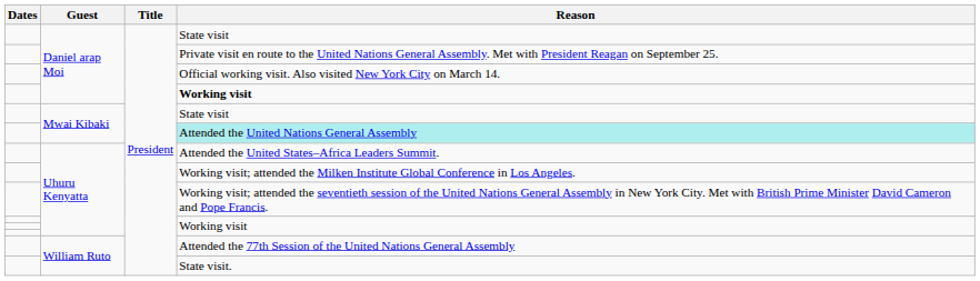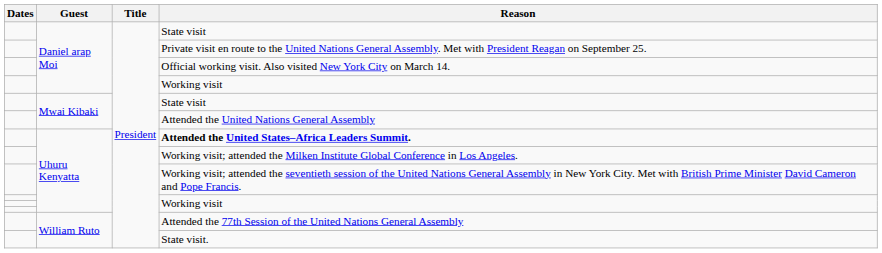 <table class="wikitable sortable">
 <tr>
 <th>Dates</th>
 <th>Guest</th>
 <th>Title</th>
 <th>Reason</th>
 </tr>
 <tr>
 <td></td>
 <td rowspan=4><a href='#'>Daniel arap Moi</a></td>
 <td rowspan=14><a href='#'>President</a></td>
 <td>State visit</td>
 </tr>
 <tr>
 <td></td>
 <td>Private visit en route to the <a href='#'>United Nations General Assembly</a>. Met with <a href='#'>President Reagan</a> on September 25.</td>
 </tr>
 <tr>
 <td></td>
 <td>Official working visit. Also visited <a href='#'>New York City</a> on March 14.</td>
 </tr>
 <tr>
 <td></td>
-<td><strong>Working visit</strong></td>
+<td>Working visit</td>
 </tr>
 <tr>
 <td></td>
 <td rowspan=2><a href='#'>Mwai Kibaki</a></td>
 <td>State visit</td>
 </tr>
 <tr>
 <td></td>
-<td style="background: paleturquoise;">Attended the <a href='#'>United Nations General Assembly</a></td>
+<td>Attended the <a href='#'>United Nations General Assembly</a></td>
 </tr>
 <tr>
 <td></td>
 <td rowspan=6><a href='#'>Uhuru Kenyatta</a></td>
-<td>Attended the <a href='#'>United States–Africa Leaders Summit</a>.</td>
+<td><strong>Attended the <a href='#'>United States–Africa Leaders Summit</a>.</strong></td>
 </tr>
 <tr>
 <td></td>
 <td>Working visit; attended the <a href='#'>Milken Institute Global Conference</a> in <a href='#'>Los Angeles</a>.</td>
 </tr>
 <tr>
 <td></td>
 <td>Working visit; attended the <a href='#'>seventieth session of the United Nations General Assembly</a> in New York City. Met with <a href='#'>British Prime Minister</a> <a href='#'>David Cameron</a> and <a href='#'>Pope Francis</a>.</td>
 </tr>
 <tr>
 <td></td>
 <td rowspan=3>Working visit</td>
 </tr>
 <tr>
 <td></td>
 </tr>
 <tr>
 <td></td>
 </tr>
 <tr>
 <td></td>
 <td rowspan=2><a href='#'>William Ruto</a></td>
 <td>Attended the <a href='#'>77th Session of the United Nations General Assembly</a></td>
 </tr>
 <tr>
 <td></td>
 <td>State visit.</td>
 </tr>
 </table>
